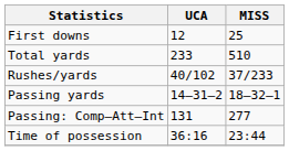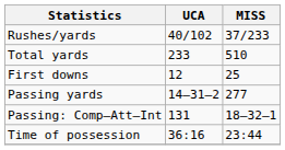 <table class="wikitable" style="float: left;">
 <tr>
 <th>Statistics</th>
 <th>UCA</th>
 <th>MISS</th>
 </tr>
 <tr>
-<td>First downs</td>
-<td>12</td>
-<td>25</td>
+<td>Rushes/yards</td>
+<td>40/102</td>
+<td>37/233</td>
 </tr>
 <tr>
 <td>Total yards</td>
 <td>233</td>
 <td>510</td>
 </tr>
 <tr>
-<td>Rushes/yards</td>
-<td>40/102</td>
-<td>37/233</td>
+<td>First downs</td>
+<td>12</td>
+<td>25</td>
 </tr>
 <tr>
 <td>Passing yards</td>
 <td>14–31–2</td>
-<td>18–32–1</td>
+<td>277</td>
 </tr>
 <tr>
 <td>Passing: Comp–Att–Int</td>
 <td>131</td>
-<td>277</td>
+<td>18–32–1</td>
 </tr>
 <tr>
 <td>Time of possession</td>
 <td>36:16</td>
 <td>23:44</td>
 </tr>
 <tr>
 </tr>
 </table>
